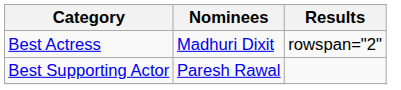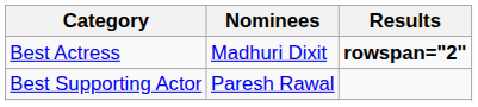 <table class="wikitable">
 <tr>
 <th>Category</th>
 <th>Nominees</th>
 <th>Results</th>
 </tr>
 <tr>
 <td><a href='#'>Best Actress</a></td>
 <td><a href='#'>Madhuri Dixit</a></td>
-<td>rowspan="2"</td>
+<td><strong>rowspan="2"</strong></td>
 </tr>
 <tr>
 <td><a href='#'>Best Supporting Actor</a></td>
 <td><a href='#'>Paresh Rawal</a></td>
 </tr>
 <tr>
 </tr>
 </table>
